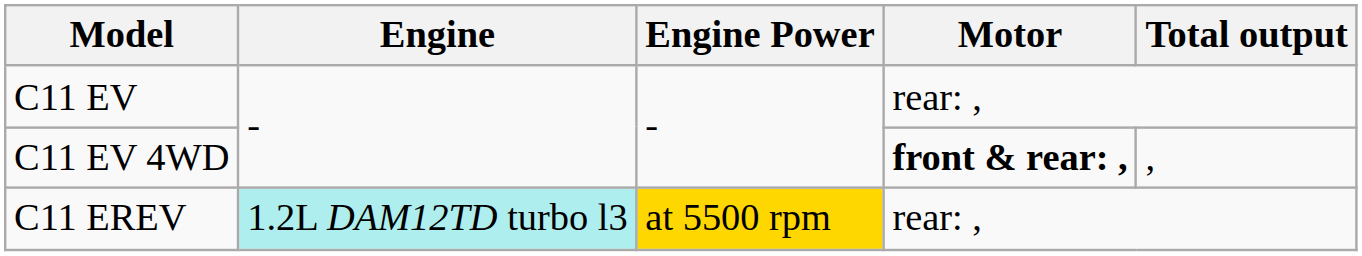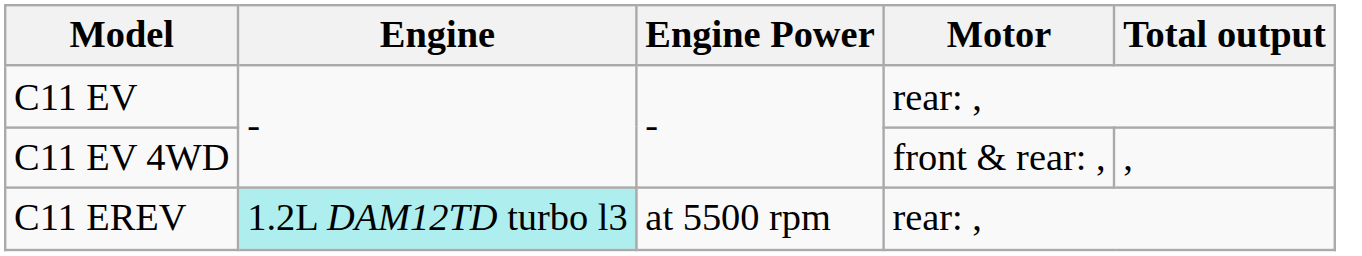 <table class="wikitable">
 <tr>
 <th>Model</th>
 <th>Engine</th>
 <th>Engine Power</th>
 <th>Motor</th>
 <th>Total output</th>
 </tr>
 <tr>
 <td>C11 EV</td>
 <td rowspan="2">-</td>
 <td rowspan="2">-</td>
 <td colspan="2">rear: , </td>
 </tr>
 <tr>
 <td>C11 EV 4WD</td>
-<td><strong>front & rear: , </strong></td>
+<td>front & rear: , </td>
 <td>, </td>
 </tr>
 <tr>
 <td>C11 EREV</td>
 <td style="background: paleturquoise;">1.2L <em>DAM12TD</em> turbo l3</td>
-<td style="background: gold;"> at 5500 rpm</td>
+<td> at 5500 rpm</td>
 <td colspan="2">rear: , </td>
 </tr>
 </table>
